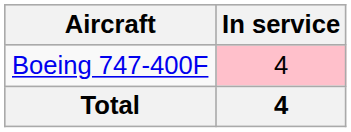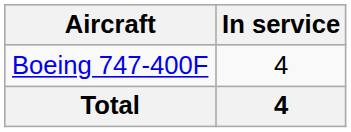 <table class="wikitable" style="margin:1em auto; border-collapse:collapse;text-align:center">
 <tr>
 <th style="width:125px;">Aircraft</th>
 <th>In service</th>
 </tr>
 <tr>
 <td><a href='#'>Boeing 747-400F</a></td>
-<td style="background: pink;">4</td>
+<td>4</td>
 </tr>
 <tr>
 <th>Total</th>
 <th>4</th>
 </tr>
 </table>
